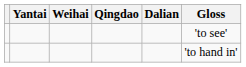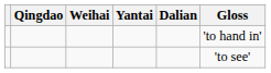 <table class="wikitable" style="text-align: center">
 <tr>
 <th></th>
+<th>Qingdao</th>
+<th>Weihai</th>
 <th>Yantai</th>
-<th>Weihai</th>
-<th>Qingdao</th>
 <th>Dalian</th>
 <th>Gloss</th>
 </tr>
 <tr>
 <td></td>
 <td></td>
 <td></td>
 <td></td>
 <td></td>
-<td>'to see'</td>
+<td>'to hand in'</td>
 </tr>
 <tr>
 <td></td>
 <td></td>
 <td></td>
 <td></td>
 <td></td>
-<td>'to hand in'</td>
+<td>'to see'</td>
 </tr>
 </table>
